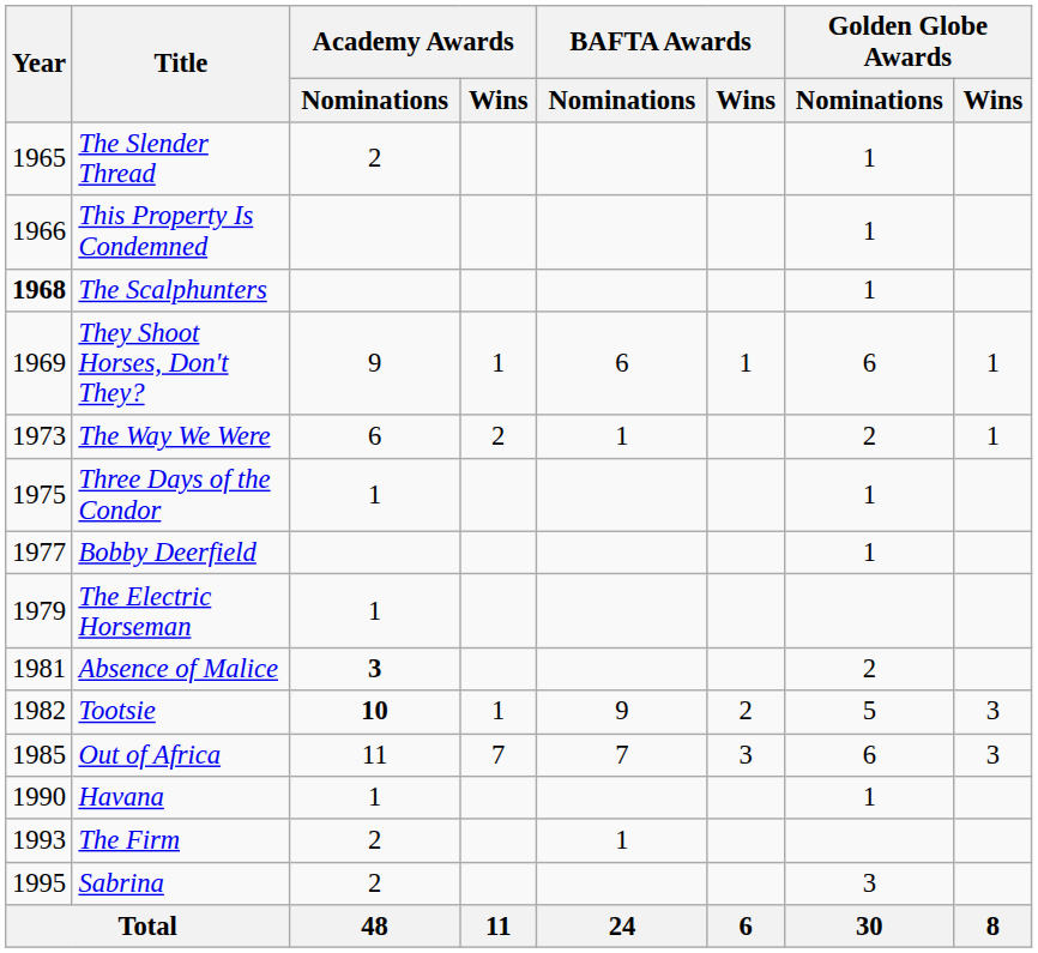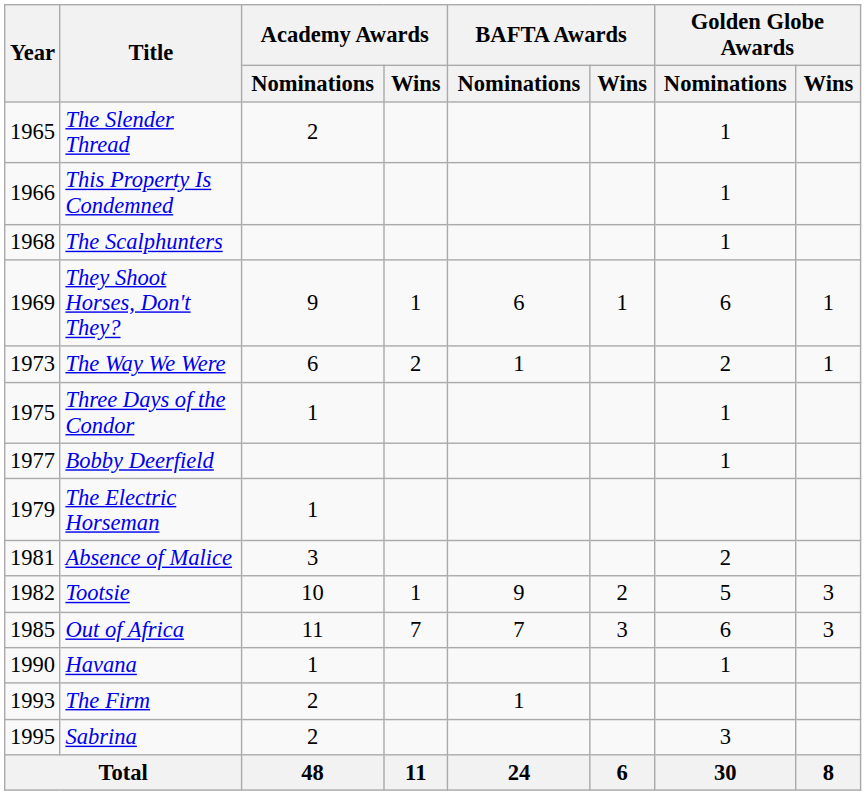 <table class="wikitable">
 <tr>
 <th rowspan="2">Year</th>
 <th rowspan="2">Title</th>
 <th colspan="2" style="text-align:center;" width=160>Academy Awards</th>
 <th colspan="2" style="text-align:center;" width=160>BAFTA Awards</th>
 <th colspan="2" style="text-align:center;" width=160>Golden Globe Awards</th>
 </tr>
 <tr>
 <th>Nominations</th>
 <th>Wins</th>
 <th>Nominations</th>
 <th>Wins</th>
 <th>Nominations</th>
 <th>Wins</th>
 </tr>
 <tr>
 <td>1965</td>
 <td><em><a href='#'>The Slender Thread</a></em></td>
 <td align=center>2</td>
 <td></td>
 <td></td>
 <td></td>
 <td align=center>1</td>
 <td></td>
 </tr>
 <tr>
 <td>1966</td>
 <td><em><a href='#'>This Property Is Condemned</a></em></td>
 <td></td>
 <td></td>
 <td></td>
 <td></td>
 <td align=center>1</td>
 <td></td>
 </tr>
 <tr>
-<td><strong>1968</strong></td>
+<td>1968</td>
 <td><em><a href='#'>The Scalphunters</a></em></td>
 <td></td>
 <td></td>
 <td></td>
 <td></td>
 <td align=center>1</td>
 <td></td>
 </tr>
 <tr>
 <td>1969</td>
 <td><em><a href='#'>They Shoot Horses, Don't They?</a></em></td>
 <td align=center>9</td>
 <td align=center>1</td>
 <td align=center>6</td>
 <td align=center>1</td>
 <td align=center>6</td>
 <td align=center>1</td>
 </tr>
 <tr>
 <td>1973</td>
 <td><em><a href='#'>The Way We Were</a></em></td>
 <td align=center>6</td>
 <td align=center>2</td>
 <td align=center>1</td>
 <td></td>
 <td align=center>2</td>
 <td align=center>1</td>
 </tr>
 <tr>
 <td>1975</td>
 <td><em><a href='#'>Three Days of the Condor</a></em></td>
 <td align=center>1</td>
 <td></td>
 <td></td>
 <td></td>
 <td align=center>1</td>
 <td></td>
 </tr>
 <tr>
 <td>1977</td>
 <td><em><a href='#'>Bobby Deerfield</a></em></td>
 <td></td>
 <td></td>
 <td></td>
 <td></td>
 <td align=center>1</td>
 <td></td>
 </tr>
 <tr>
 <td>1979</td>
 <td><em><a href='#'>The Electric Horseman</a></em></td>
 <td align=center>1</td>
 <td></td>
 <td></td>
 <td></td>
 <td></td>
 <td></td>
 </tr>
 <tr>
 <td>1981</td>
 <td><em><a href='#'>Absence of Malice</a></em></td>
-<td align=center><strong>3</strong></td>
+<td align=center>3</td>
 <td></td>
 <td></td>
 <td></td>
 <td align=center>2</td>
 <td></td>
 </tr>
 <tr>
 <td>1982</td>
 <td><em><a href='#'>Tootsie</a></em></td>
-<td align=center><strong>10</strong></td>
+<td align=center>10</td>
 <td align=center>1</td>
 <td align=center>9</td>
 <td align=center>2</td>
 <td align=center>5</td>
 <td align=center>3</td>
 </tr>
 <tr>
 <td>1985</td>
 <td><em><a href='#'>Out of Africa</a></em></td>
 <td align=center>11</td>
 <td align=center>7</td>
 <td align=center>7</td>
 <td align=center>3</td>
 <td align=center>6</td>
 <td align=center>3</td>
 </tr>
 <tr>
 <td>1990</td>
 <td><em><a href='#'>Havana</a></em></td>
 <td align=center>1</td>
 <td></td>
 <td></td>
 <td></td>
 <td align=center>1</td>
 <td></td>
 </tr>
 <tr>
 <td>1993</td>
 <td><em><a href='#'>The Firm</a></em></td>
 <td align=center>2</td>
 <td></td>
 <td align=center>1</td>
 <td></td>
 <td></td>
 <td></td>
 </tr>
 <tr>
 <td>1995</td>
 <td><em><a href='#'>Sabrina</a></em></td>
 <td align=center>2</td>
 <td></td>
 <td></td>
 <td></td>
 <td align=center>3</td>
 <td></td>
 </tr>
 <tr>
 <th colspan="2">Total</th>
 <th align=center>48</th>
 <th align=center>11</th>
 <th align=center>24</th>
 <th align=center>6</th>
 <th align=center>30</th>
 <th align=center>8</th>
 </tr>
 </table>
